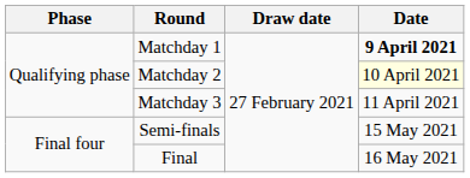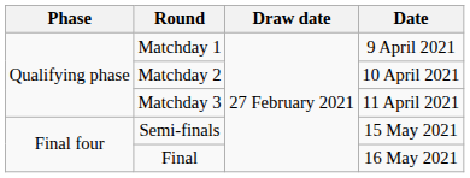 <table class="wikitable" style="text-align:center">
 <tr>
 <th>Phase</th>
 <th>Round</th>
 <th>Draw date</th>
 <th>Date</th>
 </tr>
 <tr>
 <td rowspan="3">Qualifying phase</td>
 <td>Matchday 1</td>
 <td rowspan="5">27 February 2021</td>
-<td><strong>9 April 2021</strong></td>
+<td>9 April 2021</td>
 </tr>
 <tr>
 <td>Matchday 2</td>
-<td style="background: lightyellow;">10 April 2021</td>
+<td>10 April 2021</td>
 </tr>
 <tr>
 <td>Matchday 3</td>
 <td>11 April 2021</td>
 </tr>
 <tr>
 <td rowspan="3">Final four</td>
 <td>Semi-finals</td>
 <td>15 May 2021</td>
 </tr>
 <tr>
 <td>Final</td>
 <td>16 May 2021</td>
 </tr>
 </table>
